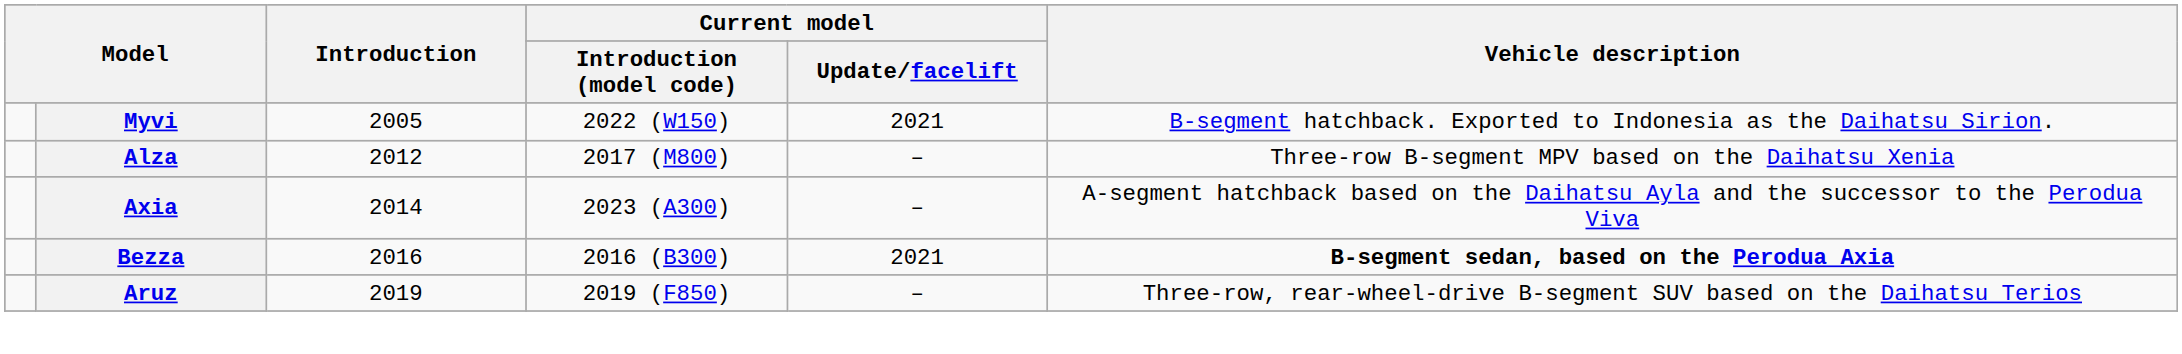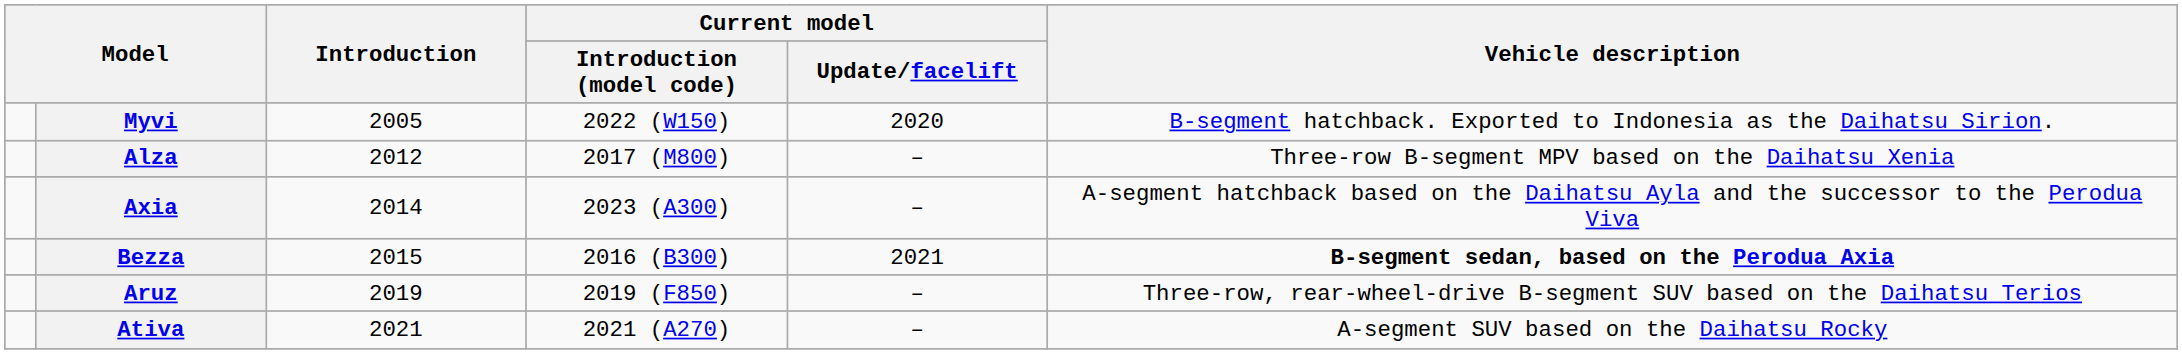 <table class="wikitable sortable" style="text-align: center; width: 100%">
 <tr>
 <th colspan="2" rowspan="2" width="12%">Model</th>
 <th rowspan="2" width="12%">Introduction</th>
 <th colspan="2" width="12%" scope="col">Current model</th>
 <th rowspan="2" scope="col">Vehicle description</th>
 </tr>
 <tr>
 <th width="12%">Introduction (model code)</th>
 <th width="12%">Update/<a href='#'>facelift</a></th>
 </tr>
 <tr>
 <td></td>
 <th><a href='#'>Myvi</a></th>
 <td>2005</td>
 <td>2022 (<a href='#'>W150</a>)</td>
-<td>2021</td>
+<td>2020</td>
 <td><a href='#'>B-segment</a> hatchback. Exported to Indonesia as the <a href='#'>Daihatsu Sirion</a>.</td>
 </tr>
 <tr>
 <td></td>
 <th scope="row"><a href='#'>Alza</a></th>
 <td>2012</td>
 <td>2017 (<a href='#'>M800</a>)</td>
 <td>–</td>
 <td>Three-row B-segment MPV based on the <a href='#'>Daihatsu Xenia</a></td>
 </tr>
 <tr>
 <td></td>
 <th><a href='#'>Axia</a></th>
 <td>2014</td>
 <td>2023 (<a href='#'>A300</a>)</td>
 <td>–</td>
 <td>A-segment hatchback based on the <a href='#'>Daihatsu Ayla</a> and the successor to the <a href='#'>Perodua Viva</a></td>
 </tr>
 <tr>
 <td></td>
 <th><a href='#'>Bezza</a></th>
-<td>2016</td>
+<td>2015</td>
 <td>2016 (<a href='#'>B300</a>)</td>
 <td>2021</td>
 <td><strong>B-segment sedan, based on the <a href='#'>Perodua Axia</a></strong></td>
 </tr>
 <tr>
 <td></td>
 <th><a href='#'>Aruz</a></th>
 <td>2019</td>
 <td>2019 (<a href='#'>F850</a>)</td>
 <td>–</td>
 <td>Three-row, rear-wheel-drive B-segment SUV based on the <a href='#'>Daihatsu Terios</a></td>
 </tr>
+<tr>
+<td></td>
+<th><a href='#'>Ativa</a></th>
+<td>2021</td>
+<td>2021 (<a href='#'>A270</a>)</td>
+<td>–</td>
+<td>A-segment SUV based on the <a href='#'>Daihatsu Rocky</a></td>
+</tr>
 </table>
